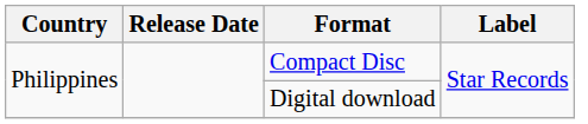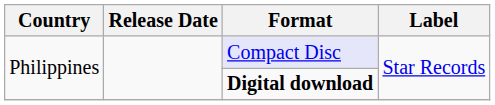 <table class="wikitable">
 <tr>
 <th>Country</th>
 <th>Release Date</th>
 <th>Format</th>
 <th>Label</th>
 </tr>
 <tr>
 <td rowspan="2">Philippines</td>
 <td rowspan="2"></td>
-<td><a href='#'>Compact Disc</a></td>
+<td style="background: lavender;"><a href='#'>Compact Disc</a></td>
 <td rowspan="2"><a href='#'>Star Records</a></td>
 </tr>
 <tr>
-<td>Digital download</td>
+<td><strong>Digital download</strong></td>
 </tr>
 <tr>
 </tr>
 </table>
